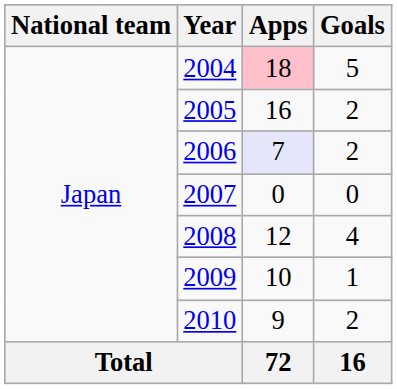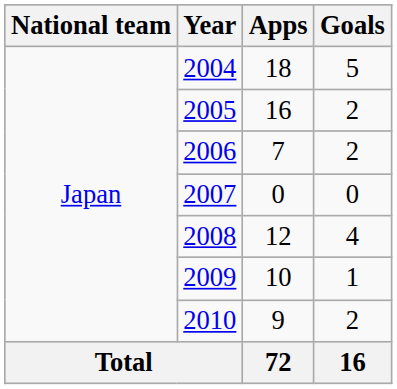 <table class="wikitable" style="text-align:center">
 <tr>
 <th>National team</th>
 <th>Year</th>
 <th>Apps</th>
 <th>Goals</th>
 </tr>
 <tr>
 <td rowspan="7"><a href='#'>Japan</a></td>
 <td><a href='#'>2004</a></td>
-<td style="background: pink;">18</td>
+<td>18</td>
 <td>5</td>
 </tr>
 <tr>
 <td><a href='#'>2005</a></td>
 <td>16</td>
 <td>2</td>
 </tr>
 <tr>
 <td><a href='#'>2006</a></td>
-<td style="background: lavender;">7</td>
+<td>7</td>
 <td>2</td>
 </tr>
 <tr>
 <td><a href='#'>2007</a></td>
 <td>0</td>
 <td>0</td>
 </tr>
 <tr>
 <td><a href='#'>2008</a></td>
 <td>12</td>
 <td>4</td>
 </tr>
 <tr>
 <td><a href='#'>2009</a></td>
 <td>10</td>
 <td>1</td>
 </tr>
 <tr>
 <td><a href='#'>2010</a></td>
 <td>9</td>
 <td>2</td>
 </tr>
 <tr>
 <th colspan="2">Total</th>
 <th>72</th>
 <th>16</th>
 </tr>
 </table>
